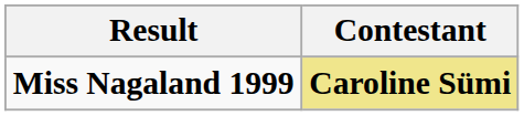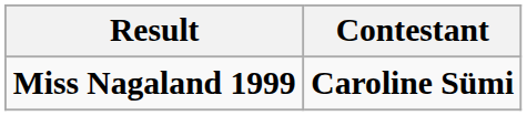 <table class="wikitable">
 <tr>
 <th>Result</th>
 <th>Contestant</th>
 </tr>
 <tr>
 <td><strong>Miss Nagaland 1999</strong></td>
-<td style="background: khaki;"><strong>Caroline Sümi</strong></td>
+<td><strong>Caroline Sümi</strong></td>
 </tr>
 </table>
